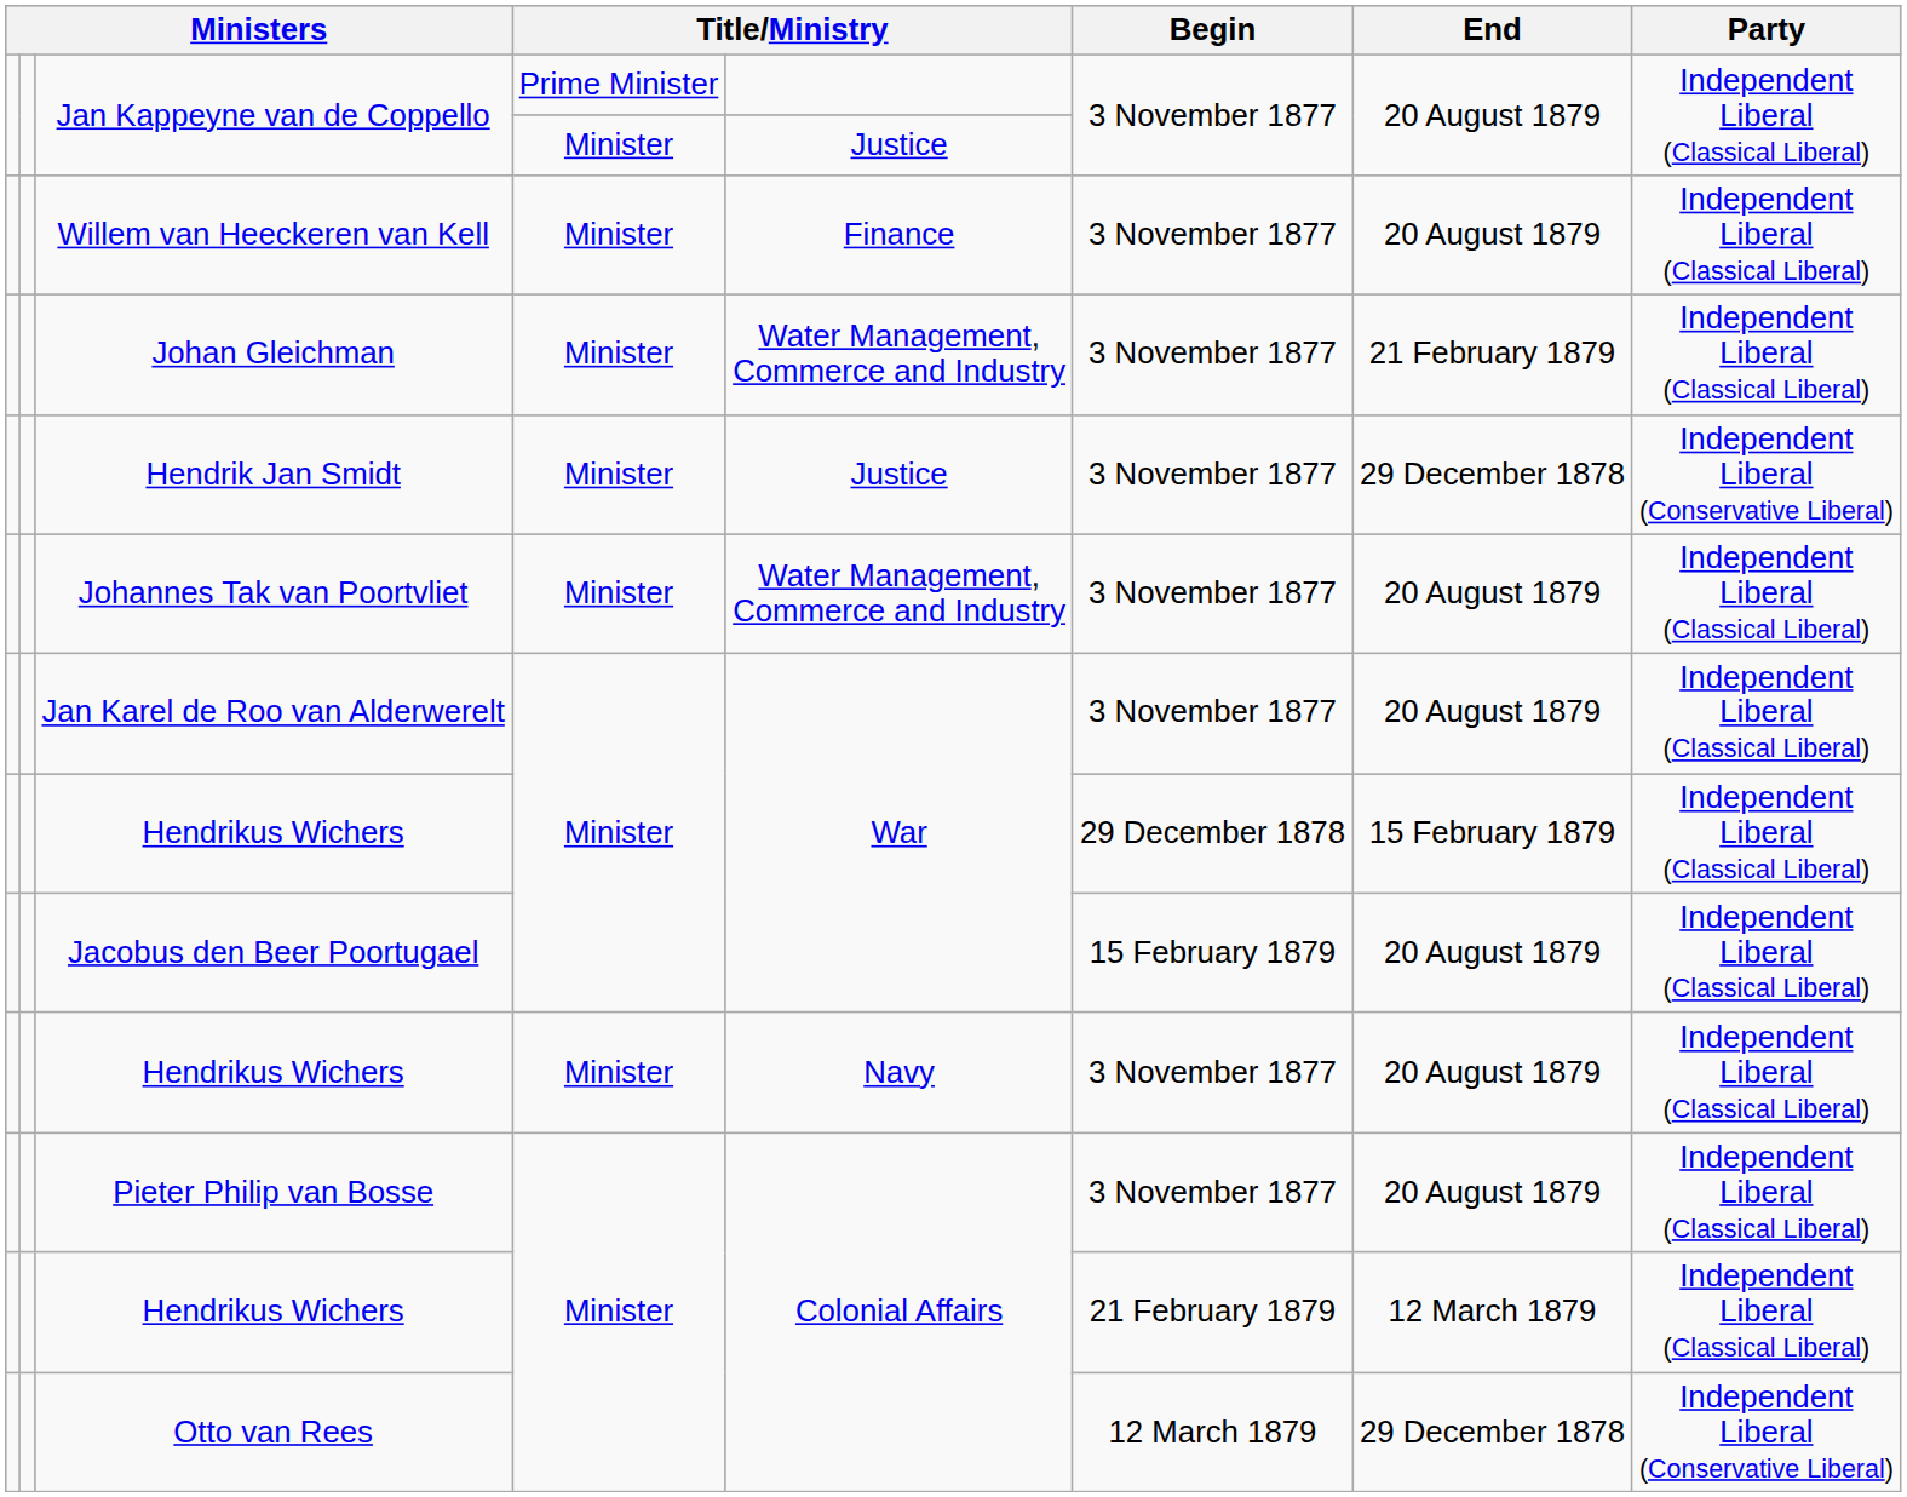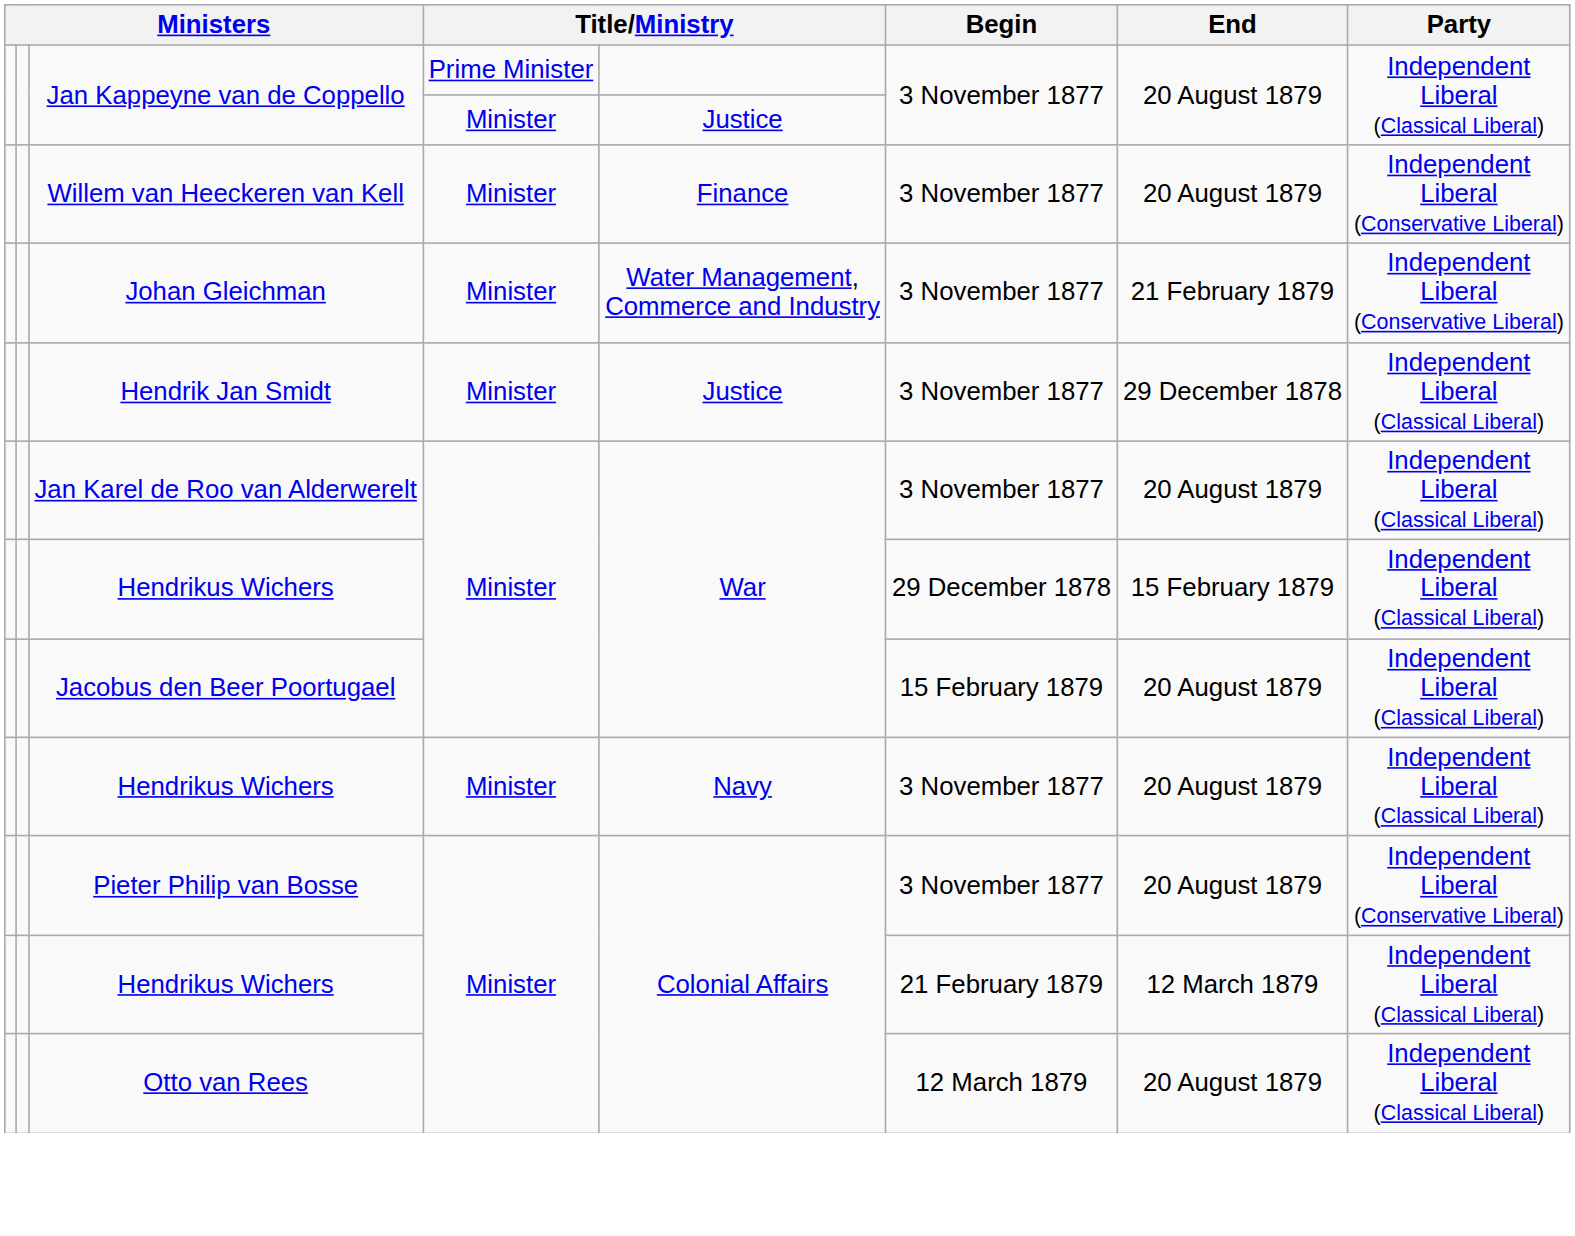 <table class="wikitable" style="text-align:center">
 <tr>
 <th colspan=3><a href='#'>Ministers</a></th>
 <th colspan=2>Title/<a href='#'>Ministry</a></th>
 <th>Begin</th>
 <th>End</th>
 <th>Party</th>
 </tr>
 <tr>
 <td rowspan=2 style="background:"></td>
 <td rowspan=2></td>
 <td rowspan=2><a href='#'>Jan Kappeyne van de Coppello</a></td>
 <td><a href='#'>Prime Minister</a></td>
 <td></td>
 <td rowspan=2>3 November 1877</td>
 <td rowspan=2>20 August 1879</td>
 <td rowspan=2><a href='#'>Independent <br> Liberal</a> <br> <small>(<a href='#'>Classical Liberal</a>)</small></td>
 </tr>
 <tr>
 <td><a href='#'>Minister</a></td>
 <td><a href='#'>Justice</a></td>
 </tr>
 <tr>
 <td style="background:"></td>
 <td></td>
 <td><a href='#'>Willem van Heeckeren van Kell</a></td>
 <td><a href='#'>Minister</a></td>
 <td><a href='#'>Finance</a></td>
 <td>3 November 1877</td>
 <td>20 August 1879</td>
-<td><a href='#'>Independent <br> Liberal</a> <br> <small>(<a href='#'>Classical Liberal</a>)</small></td>
+<td><a href='#'>Independent <br> Liberal</a> <br> <small>(<a href='#'>Conservative Liberal</a>)</small></td>
 </tr>
 <tr>
 <td style="background:"></td>
 <td></td>
 <td><a href='#'>Johan Gleichman</a></td>
 <td><a href='#'>Minister</a></td>
 <td><a href='#'>Water Management</a>, <br> <a href='#'>Commerce and Industry</a></td>
 <td>3 November 1877</td>
 <td>21 February 1879</td>
-<td><a href='#'>Independent <br> Liberal</a> <br> <small>(<a href='#'>Classical Liberal</a>)</small></td>
+<td><a href='#'>Independent <br> Liberal</a> <br> <small>(<a href='#'>Conservative Liberal</a>)</small></td>
 </tr>
 <tr>
 <td style="background:"></td>
 <td></td>
 <td><a href='#'>Hendrik Jan Smidt</a></td>
 <td><a href='#'>Minister</a></td>
 <td><a href='#'>Justice</a></td>
 <td>3 November 1877</td>
 <td>29 December 1878 <br> </td>
-<td><a href='#'>Independent <br> Liberal</a> <br> <small>(<a href='#'>Conservative Liberal</a>)</small></td>
-</tr>
-<tr>
-<td style="background:"></td>
-<td></td>
-<td><a href='#'>Johannes Tak van Poortvliet</a></td>
-<td><a href='#'>Minister</a></td>
-<td><a href='#'>Water Management</a>, <br> <a href='#'>Commerce and Industry</a></td>
-<td>3 November 1877</td>
-<td>20 August 1879</td>
 <td><a href='#'>Independent <br> Liberal</a> <br> <small>(<a href='#'>Classical Liberal</a>)</small></td>
 </tr>
 <tr>
 <td style="background:"></td>
 <td></td>
 <td><a href='#'>Jan Karel de Roo van Alderwerelt</a></td>
 <td rowspan=3><a href='#'>Minister</a></td>
 <td rowspan=3><a href='#'>War</a></td>
 <td>3 November 1877</td>
 <td>20 August 1879</td>
 <td><a href='#'>Independent <br> Liberal</a> <br> <small>(<a href='#'>Classical Liberal</a>)</small></td>
 </tr>
 <tr>
 <td style="background:"></td>
 <td></td>
 <td><a href='#'>Hendrikus Wichers</a></td>
 <td>29 December 1878</td>
 <td>15 February 1879</td>
 <td><a href='#'>Independent <br> Liberal</a> <br> <small>(<a href='#'>Classical Liberal</a>)</small></td>
 </tr>
 <tr>
 <td style="background:"></td>
 <td></td>
 <td><a href='#'>Jacobus den Beer Poortugael</a></td>
 <td>15 February 1879</td>
 <td>20 August 1879</td>
 <td><a href='#'>Independent <br> Liberal</a> <br> <small>(<a href='#'>Classical Liberal</a>)</small></td>
 </tr>
 <tr>
 <td style="background:"></td>
 <td></td>
 <td><a href='#'>Hendrikus Wichers</a></td>
 <td><a href='#'>Minister</a></td>
 <td><a href='#'>Navy</a></td>
 <td>3 November 1877</td>
 <td>20 August 1879</td>
 <td><a href='#'>Independent <br> Liberal</a> <br> <small>(<a href='#'>Classical Liberal</a>)</small></td>
 </tr>
 <tr>
 <td style="background:"></td>
 <td></td>
 <td><a href='#'>Pieter Philip van Bosse</a></td>
 <td rowspan=3><a href='#'>Minister</a></td>
 <td rowspan=3><a href='#'>Colonial Affairs</a></td>
 <td>3 November 1877</td>
 <td>20 August 1879</td>
-<td><a href='#'>Independent <br> Liberal</a> <br> <small>(<a href='#'>Classical Liberal</a>)</small></td>
+<td><a href='#'>Independent <br> Liberal</a> <br> <small>(<a href='#'>Conservative Liberal</a>)</small></td>
 </tr>
 <tr>
 <td style="background:"></td>
 <td></td>
 <td><a href='#'>Hendrikus Wichers</a></td>
 <td>21 February 1879</td>
 <td>12 March 1879</td>
 <td><a href='#'>Independent <br> Liberal</a> <br> <small>(<a href='#'>Classical Liberal</a>)</small></td>
 </tr>
 <tr>
 <td style="background:"></td>
 <td></td>
 <td><a href='#'>Otto van Rees</a></td>
 <td>12 March 1879</td>
-<td>29 December 1878 <br> </td>
-<td><a href='#'>Independent <br> Liberal</a> <br> <small>(<a href='#'>Conservative Liberal</a>)</small></td>
+<td>20 August 1879</td>
+<td><a href='#'>Independent <br> Liberal</a> <br> <small>(<a href='#'>Classical Liberal</a>)</small></td>
 </tr>
 </table>
